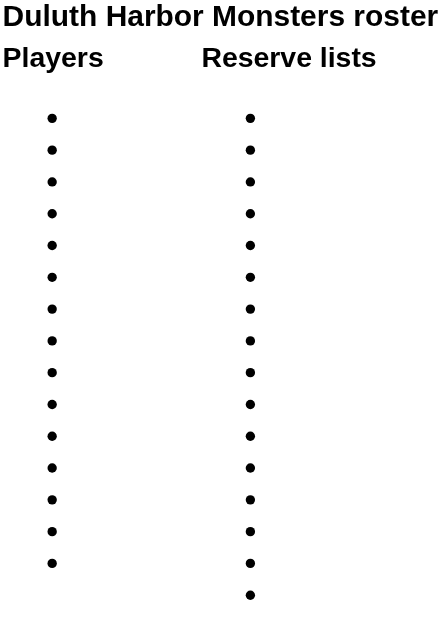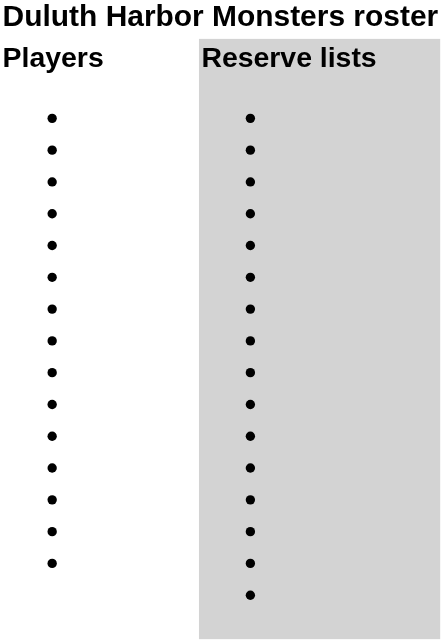 <table class="toccolours" style="text-align: left;">
 <tr>
 <th colspan="7">Duluth Harbor Monsters roster</th>
 </tr>
 <tr>
 <td style="font-size: 95%;vertical-align:top;"><strong>Players</strong><br><ul><li></li><li></li><li></li><li></li><li></li><li></li><li></li><li></li><li></li><li></li><li></li><li></li><li></li><li></li><li></li></ul></td>
 <td style="width: 25px;"></td>
-<td style="font-size: 95%;vertical-align:top;"><strong>Reserve lists</strong><br><ul><li></li><li></li><li></li><li></li><li></li><li></li><li></li><li></li><li></li><li></li><li></li><li></li><li></li><li></li><li></li><li></li></ul></td>
+<td style="background: lightgrey; font-size: 95%;vertical-align:top;"><strong>Reserve lists</strong><br><ul><li></li><li></li><li></li><li></li><li></li><li></li><li></li><li></li><li></li><li></li><li></li><li></li><li></li><li></li><li></li><li></li></ul></td>
 </tr>
 <tr>
 </tr>
 </table>
